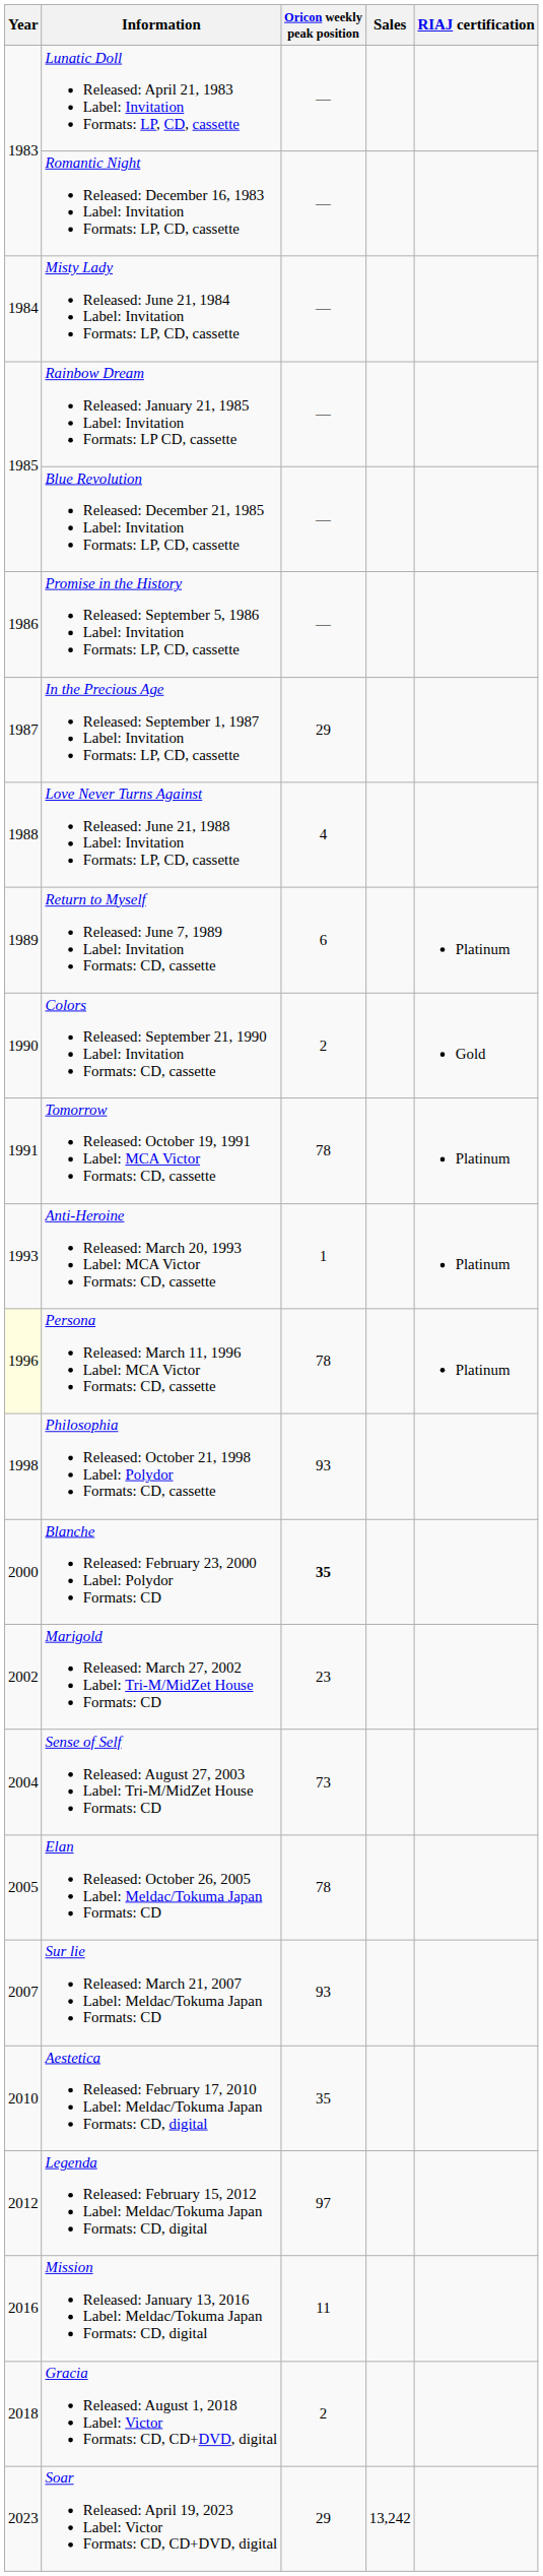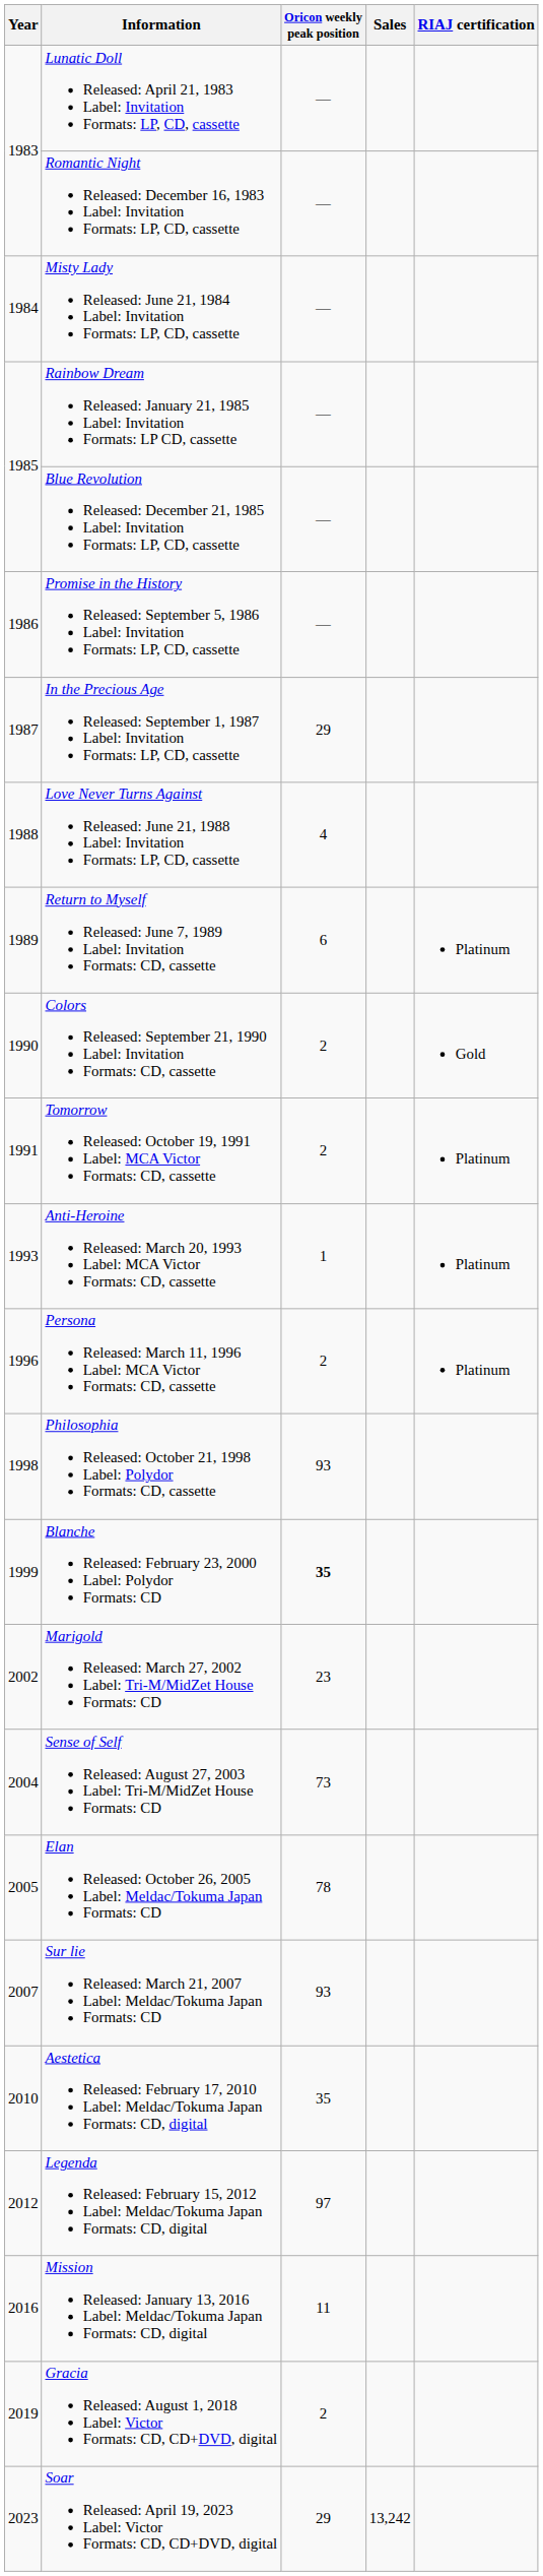 <table class="wikitable">
 <tr>
 <th>Year</th>
 <th>Information</th>
 <th><small><a href='#'>Oricon</a> weekly<br>peak position</small></th>
 <th>Sales<br></th>
 <th><a href='#'>RIAJ</a> certification</th>
 </tr>
 <tr>
 <td rowspan="2">1983</td>
 <td><em><a href='#'>Lunatic Doll</a></em><br><ul><li>Released: April 21, 1983</li><li>Label: <a href='#'>Invitation</a></li><li>Formats: <a href='#'>LP</a>, <a href='#'>CD</a>, <a href='#'>cassette</a></li></ul></td>
 <td style="text-align:center;">—</td>
 <td align="left"></td>
 <td align="left"></td>
 </tr>
 <tr>
 <td><em><a href='#'>Romantic Night</a></em><br><ul><li>Released: December 16, 1983</li><li>Label: Invitation</li><li>Formats: LP, CD, cassette</li></ul></td>
 <td style="text-align:center;">—</td>
 <td align="left"></td>
 <td align="left"></td>
 </tr>
 <tr>
 <td>1984</td>
 <td><em><a href='#'>Misty Lady</a></em><br><ul><li>Released: June 21, 1984</li><li>Label: Invitation</li><li>Formats: LP, CD, cassette</li></ul></td>
 <td style="text-align:center;">—</td>
 <td align="left"></td>
 <td align="left"></td>
 </tr>
 <tr>
 <td rowspan="2">1985</td>
 <td><em><a href='#'>Rainbow Dream</a></em><br><ul><li>Released: January 21, 1985</li><li>Label: Invitation</li><li>Formats: LP CD, cassette</li></ul></td>
 <td style="text-align:center;">—</td>
 <td align="left"></td>
 <td align="left"></td>
 </tr>
 <tr>
 <td><em><a href='#'>Blue Revolution</a></em><br><ul><li>Released: December 21, 1985</li><li>Label: Invitation</li><li>Formats: LP, CD, cassette</li></ul></td>
 <td style="text-align:center;">—</td>
 <td align="left"></td>
 <td align="left"></td>
 </tr>
 <tr>
 <td>1986</td>
 <td><em><a href='#'>Promise in the History</a></em><br><ul><li>Released: September 5, 1986</li><li>Label: Invitation</li><li>Formats: LP, CD, cassette</li></ul></td>
 <td style="text-align:center;">—</td>
 <td align="left"></td>
 <td align="left"></td>
 </tr>
 <tr>
 <td>1987</td>
 <td><em><a href='#'>In the Precious Age</a></em><br><ul><li>Released: September 1, 1987</li><li>Label: Invitation</li><li>Formats: LP, CD, cassette</li></ul></td>
 <td style="text-align:center;">29</td>
 <td align="left"></td>
 <td align="left"></td>
 </tr>
 <tr>
 <td>1988</td>
 <td><em><a href='#'>Love Never Turns Against</a></em><br><ul><li>Released: June 21, 1988</li><li>Label: Invitation</li><li>Formats: LP, CD, cassette</li></ul></td>
 <td style="text-align:center;">4</td>
 <td align="left"></td>
 <td align="left"></td>
 </tr>
 <tr>
 <td>1989</td>
 <td><em><a href='#'>Return to Myself</a></em><br><ul><li>Released: June 7, 1989</li><li>Label: Invitation</li><li>Formats: CD, cassette</li></ul></td>
 <td style="text-align:center;">6</td>
 <td align="left"></td>
 <td align="left"><br><ul><li>Platinum</li></ul></td>
 </tr>
 <tr>
 <td>1990</td>
 <td><em><a href='#'>Colors</a></em><br><ul><li>Released: September 21, 1990</li><li>Label: Invitation</li><li>Formats: CD, cassette</li></ul></td>
 <td style="text-align:center;">2</td>
 <td align="left"></td>
 <td align="left"><br><ul><li>Gold</li></ul></td>
 </tr>
 <tr>
 <td>1991</td>
 <td><em><a href='#'>Tomorrow</a></em><br><ul><li>Released: October 19, 1991</li><li>Label: <a href='#'>MCA Victor</a></li><li>Formats: CD, cassette</li></ul></td>
-<td style="text-align:center;">78</td>
+<td style="text-align:center;">2</td>
 <td align="left"></td>
 <td align="left"><br><ul><li>Platinum</li></ul></td>
 </tr>
 <tr>
 <td>1993</td>
 <td><em><a href='#'>Anti-Heroine</a></em><br><ul><li>Released: March 20, 1993</li><li>Label: MCA Victor</li><li>Formats: CD, cassette</li></ul></td>
 <td style="text-align:center;">1</td>
 <td align="left"></td>
 <td align="left"><br><ul><li>Platinum</li></ul></td>
 </tr>
 <tr>
-<td style="background: lightyellow;">1996</td>
+<td>1996</td>
 <td><em><a href='#'>Persona</a></em><br><ul><li>Released: March 11, 1996</li><li>Label: MCA Victor</li><li>Formats: CD, cassette</li></ul></td>
-<td style="text-align:center;">78</td>
+<td style="text-align:center;">2</td>
 <td align="left"></td>
 <td align="left"><br><ul><li>Platinum</li></ul></td>
 </tr>
 <tr>
 <td>1998</td>
 <td><em><a href='#'>Philosophia</a></em><br><ul><li>Released: October 21, 1998</li><li>Label: <a href='#'>Polydor</a></li><li>Formats: CD, cassette</li></ul></td>
 <td style="text-align:center;">93</td>
 <td align="left"></td>
 <td align="left"></td>
 </tr>
 <tr>
-<td>2000</td>
+<td>1999</td>
 <td><em><a href='#'>Blanche</a></em><br><ul><li>Released: February 23, 2000</li><li>Label: Polydor</li><li>Formats: CD</li></ul></td>
 <td style="text-align:center;"><strong>35</strong></td>
 <td align="left"></td>
 <td align="left"></td>
 </tr>
 <tr>
 <td>2002</td>
 <td><em><a href='#'>Marigold</a></em><br><ul><li>Released: March 27, 2002</li><li>Label: <a href='#'>Tri-M/MidZet House</a></li><li>Formats: CD</li></ul></td>
 <td style="text-align:center;">23</td>
 <td align="left"></td>
 <td align="left"></td>
 </tr>
 <tr>
 <td>2004</td>
 <td><em><a href='#'>Sense of Self</a></em><br><ul><li>Released: August 27, 2003</li><li>Label: Tri-M/MidZet House</li><li>Formats: CD</li></ul></td>
 <td style="text-align:center;">73</td>
 <td align="left"></td>
 <td align="left"></td>
 </tr>
 <tr>
 <td>2005</td>
 <td><em><a href='#'>Elan</a></em><br><ul><li>Released: October 26, 2005</li><li>Label: <a href='#'>Meldac/Tokuma Japan</a></li><li>Formats: CD</li></ul></td>
 <td style="text-align:center;">78</td>
 <td align="left"></td>
 <td align="left"></td>
 </tr>
 <tr>
 <td>2007</td>
 <td><em><a href='#'>Sur lie</a></em><br><ul><li>Released: March 21, 2007</li><li>Label: Meldac/Tokuma Japan</li><li>Formats: CD</li></ul></td>
 <td style="text-align:center;">93</td>
 <td align="left"></td>
 <td align="left"></td>
 </tr>
 <tr>
 <td>2010</td>
 <td><em><a href='#'>Aestetica</a></em><br><ul><li>Released: February 17, 2010</li><li>Label: Meldac/Tokuma Japan</li><li>Formats: CD, <a href='#'>digital</a></li></ul></td>
 <td style="text-align:center;">35</td>
 <td align="left"></td>
 <td align="left"></td>
 </tr>
 <tr>
 <td>2012</td>
 <td><em><a href='#'>Legenda</a></em><br><ul><li>Released: February 15, 2012</li><li>Label: Meldac/Tokuma Japan</li><li>Formats: CD, digital</li></ul></td>
 <td style="text-align:center;">97</td>
 <td align="left"></td>
 <td align="left"></td>
 </tr>
 <tr>
 <td>2016</td>
 <td><em><a href='#'>Mission</a></em><br><ul><li>Released: January 13, 2016</li><li>Label: Meldac/Tokuma Japan</li><li>Formats: CD, digital</li></ul></td>
 <td style="text-align:center;">11</td>
 <td align="left"></td>
 <td align="left"></td>
 </tr>
 <tr>
-<td>2018</td>
+<td>2019</td>
 <td><em><a href='#'>Gracia</a></em><br><ul><li>Released: August 1, 2018</li><li>Label: <a href='#'>Victor</a></li><li>Formats: CD, CD+<a href='#'>DVD</a>, digital</li></ul></td>
 <td style="text-align:center;">2</td>
 <td align="left"></td>
 <td align="left"></td>
 </tr>
 <tr>
 <td>2023</td>
 <td><em><a href='#'>Soar</a></em><br><ul><li>Released: April 19, 2023</li><li>Label: Victor</li><li>Formats: CD, CD+DVD, digital</li></ul></td>
 <td style="text-align:center;">29</td>
 <td align="left">13,242</td>
 <td align="left"></td>
 </tr>
 </table>
